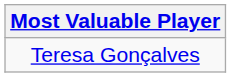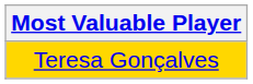 <table class=wikitable style="text-align:center; margin:auto">
 <tr>
 <th><a href='#'>Most Valuable Player</a></th>
 </tr>
 <tr>
-<td> <a href='#'>Teresa Gonçalves</a></td>
+<td style="background: gold;"> <a href='#'>Teresa Gonçalves</a></td>
 </tr>
 </table>
